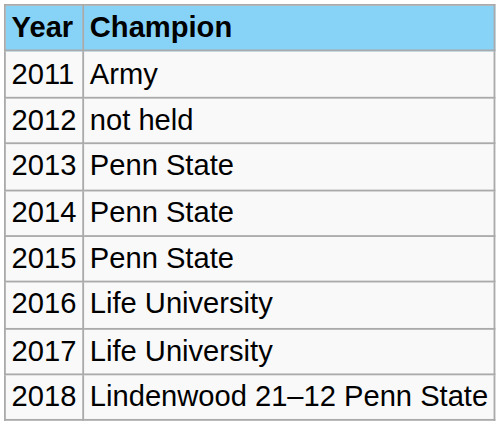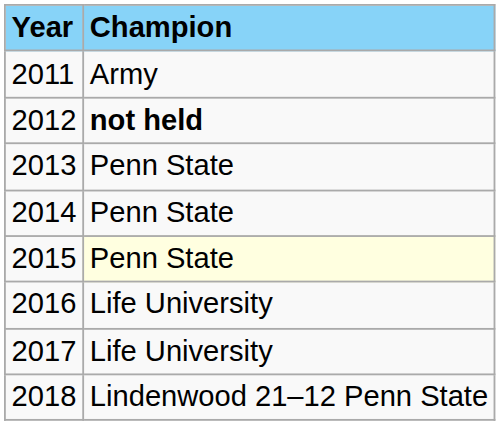 <table class="wikitable" style="font-size:100%;">
 <tr ! style="background-color: #87D3F8;">
 <td><strong>Year</strong></td>
 <td><strong>Champion</strong></td>
 </tr>
 <tr --->
 <td>2011</td>
 <td>Army</td>
 </tr>
 <tr --->
 <td>2012</td>
-<td>not held</td>
+<td><strong>not held</strong></td>
 </tr>
 <tr --->
 <td>2013</td>
 <td>Penn State</td>
 </tr>
 <tr --->
 <td>2014</td>
 <td>Penn State</td>
 </tr>
 <tr --->
 <td>2015</td>
-<td>Penn State</td>
+<td style="background: lightyellow;">Penn State</td>
 </tr>
 <tr --->
 <td>2016</td>
 <td>Life University</td>
 </tr>
 <tr --->
 <td>2017</td>
 <td>Life University</td>
 </tr>
 <tr --->
 <td>2018</td>
 <td>Lindenwood 21–12 Penn State</td>
 </tr>
 </table>
